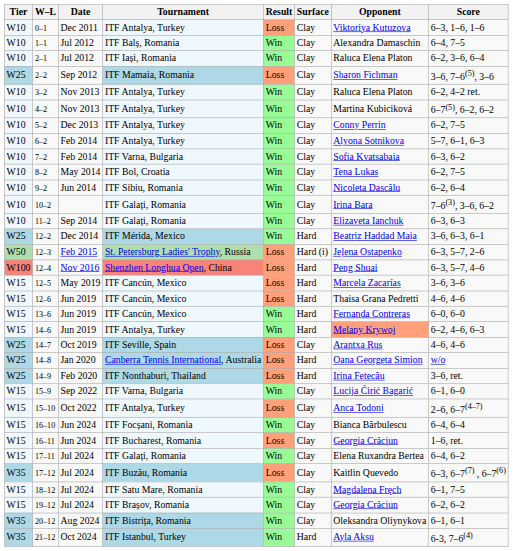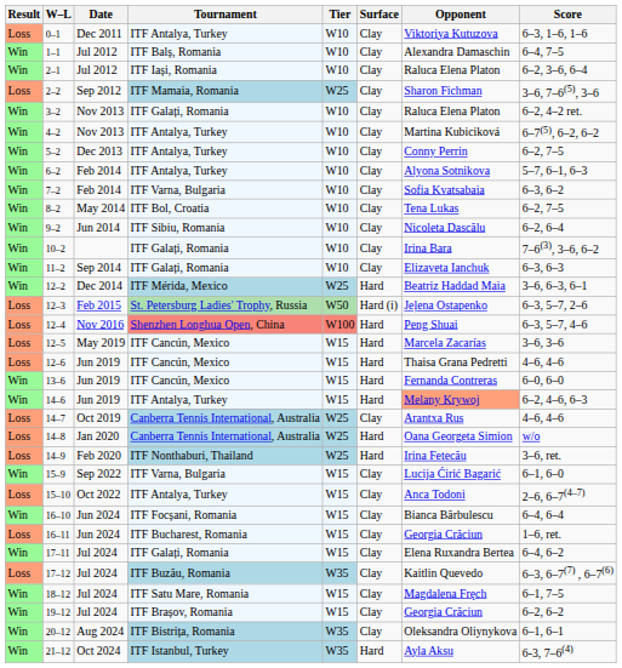 <table class="sortable wikitable">
 <tr>
-<th>Tier</th>
+<th>Result</th>
 <th class="unsortable">W–L</th>
 <th>Date</th>
 <th>Tournament</th>
-<th>Result</th>
+<th>Tier</th>
 <th>Surface</th>
 <th>Opponent</th>
 <th class="unsortable">Score</th>
 </tr>
 <tr>
-<td style="background:#f0f8ff;">W10</td>
+<td style="background:#ffa07a;">Loss</td>
 <td><small>0–1</small></td>
 <td>Dec 2011</td>
 <td style="background:#f0f8ff;">ITF Antalya, Turkey</td>
-<td style="background:#ffa07a;">Loss</td>
+<td style="background:#f0f8ff;">W10</td>
 <td>Clay</td>
 <td> <a href='#'>Viktoriya Kutuzova</a></td>
 <td>6–3, 1–6, 1–6</td>
 </tr>
 <tr>
-<td style="background:#f0f8ff;">W10</td>
+<td style="background:#98fb98;">Win</td>
 <td><small>1–1</small></td>
 <td>Jul 2012</td>
 <td style="background:#f0f8ff;">ITF Balș, Romania</td>
-<td style="background:#98fb98;">Win</td>
+<td style="background:#f0f8ff;">W10</td>
 <td>Clay</td>
 <td> Alexandra Damaschin</td>
 <td>6–4, 7–5</td>
 </tr>
 <tr>
-<td style="background:#f0f8ff;">W10</td>
+<td style="background:#98fb98;">Win</td>
 <td><small>2–1</small></td>
 <td>Jul 2012</td>
 <td style="background:#f0f8ff;">ITF Iași, Romania</td>
-<td style="background:#98fb98;">Win</td>
+<td style="background:#f0f8ff;">W10</td>
 <td>Clay</td>
 <td> Raluca Elena Platon</td>
 <td>6–2, 3–6, 6–4</td>
 </tr>
 <tr>
-<td style="background:lightblue;">W25</td>
+<td style="background:#ffa07a;">Loss</td>
 <td><small>2–2</small></td>
 <td>Sep 2012</td>
 <td style="background:lightblue;">ITF Mamaia, Romania</td>
-<td style="background:#ffa07a;">Loss</td>
+<td style="background:lightblue;">W25</td>
 <td>Clay</td>
 <td> <a href='#'>Sharon Fichman</a></td>
 <td>3–6, 7–6<sup>(5)</sup>, 3–6</td>
 </tr>
 <tr>
-<td style="background:#f0f8ff;">W10</td>
+<td style="background:#98fb98;">Win</td>
 <td><small>3–2</small></td>
 <td>Nov 2013</td>
-<td style="background:#f0f8ff;">ITF Antalya, Turkey</td>
-<td style="background:#98fb98;">Win</td>
+<td style="background:#f0f8ff;">ITF Galați, Romania</td>
+<td style="background:#f0f8ff;">W10</td>
 <td>Clay</td>
 <td> Raluca Elena Platon</td>
 <td>6–2, 4–2 ret.</td>
 </tr>
 <tr>
-<td style="background:#f0f8ff;">W10</td>
+<td style="background:#98fb98;">Win</td>
 <td><small>4–2</small></td>
 <td>Nov 2013</td>
 <td style="background:#f0f8ff;">ITF Antalya, Turkey</td>
-<td style="background:#98fb98;">Win</td>
+<td style="background:#f0f8ff;">W10</td>
 <td>Clay</td>
 <td> Martina Kubiciková</td>
 <td>6–7<sup>(5)</sup>, 6–2, 6–2</td>
 </tr>
 <tr>
-<td style="background:#f0f8ff;">W10</td>
+<td style="background:#98fb98;">Win</td>
 <td><small>5–2</small></td>
 <td>Dec 2013</td>
 <td style="background:#f0f8ff;">ITF Antalya, Turkey</td>
-<td style="background:#98fb98;">Win</td>
+<td style="background:#f0f8ff;">W10</td>
 <td>Clay</td>
 <td> <a href='#'>Conny Perrin</a></td>
 <td>6–2, 7–5</td>
 </tr>
 <tr>
-<td style="background:#f0f8ff;">W10</td>
+<td style="background:#98fb98;">Win</td>
 <td><small>6–2</small></td>
 <td>Feb 2014</td>
 <td style="background:#f0f8ff;">ITF Antalya, Turkey</td>
-<td style="background:#98fb98;">Win</td>
+<td style="background:#f0f8ff;">W10</td>
 <td>Clay</td>
 <td> <a href='#'>Alyona Sotnikova</a></td>
 <td>5–7, 6–1, 6–3</td>
 </tr>
 <tr>
-<td style="background:#f0f8ff;">W10</td>
+<td style="background:#98fb98;">Win</td>
 <td><small>7–2</small></td>
 <td>Feb 2014</td>
 <td style="background:#f0f8ff;">ITF Varna, Bulgaria</td>
-<td style="background:#98fb98;">Win</td>
+<td style="background:#f0f8ff;">W10</td>
 <td>Clay</td>
 <td> <a href='#'>Sofia Kvatsabaia</a></td>
 <td>6–3, 6–2</td>
 </tr>
 <tr>
-<td style="background:#f0f8ff;">W10</td>
+<td style="background:#98fb98;">Win</td>
 <td><small>8–2</small></td>
 <td>May 2014</td>
 <td style="background:#f0f8ff;">ITF Bol, Croatia</td>
-<td style="background:#98fb98;">Win</td>
+<td style="background:#f0f8ff;">W10</td>
 <td>Clay</td>
 <td> <a href='#'>Tena Lukas</a></td>
 <td>6–2, 7–5</td>
 </tr>
 <tr>
-<td style="background:#f0f8ff;">W10</td>
+<td style="background:#98fb98;">Win</td>
 <td><small>9–2</small></td>
 <td>Jun 2014</td>
 <td style="background:#f0f8ff;">ITF Sibiu, Romania</td>
-<td style="background:#98fb98;">Win</td>
+<td style="background:#f0f8ff;">W10</td>
 <td>Clay</td>
 <td> <a href='#'>Nicoleta Dascălu</a></td>
 <td>6–2, 6–4</td>
 </tr>
 <tr>
-<td style="background:#f0f8ff;">W10</td>
+<td style="background:#98fb98;">Win</td>
 <td><small>10–2</small></td>
 <td></td>
 <td style="background:#f0f8ff;">ITF Galați, Romania</td>
-<td style="background:#98fb98;">Win</td>
+<td style="background:#f0f8ff;">W10</td>
 <td>Clay</td>
 <td> <a href='#'>Irina Bara</a></td>
 <td>7–6<sup>(3)</sup>, 3–6, 6–2</td>
 </tr>
 <tr>
-<td style="background:#f0f8ff;">W10</td>
+<td style="background:#98fb98;">Win</td>
 <td><small>11–2</small></td>
 <td>Sep 2014</td>
 <td style="background:#f0f8ff;">ITF Galați, Romania</td>
-<td style="background:#98fb98;">Win</td>
+<td style="background:#f0f8ff;">W10</td>
 <td>Clay</td>
 <td> <a href='#'>Elizaveta Ianchuk</a></td>
 <td>6–3, 6–3</td>
 </tr>
 <tr>
-<td style="background:lightblue;">W25</td>
+<td style="background:#98fb98;">Win</td>
 <td><small>12–2</small></td>
 <td>Dec 2014</td>
 <td style="background:lightblue;">ITF Mérida, Mexico</td>
-<td style="background:#98fb98;">Win</td>
+<td style="background:lightblue;">W25</td>
 <td>Hard</td>
 <td> <a href='#'>Beatriz Haddad Maia</a></td>
 <td>3–6, 6–3, 6–1</td>
 </tr>
 <tr>
-<td style="background:#addfad;">W50</td>
+<td style="background:#ffa07a;">Loss</td>
 <td><small>12–3</small></td>
 <td><a href='#'>Feb 2015</a></td>
 <td style="background:#addfad;"><a href='#'>St. Petersburg Ladies' Trophy</a>, Russia</td>
-<td style="background:#ffa07a;">Loss</td>
+<td style="background:#addfad;">W50</td>
 <td>Hard (i)</td>
 <td> <a href='#'>Jeļena Ostapenko</a></td>
 <td>6–3, 5–7, 2–6</td>
 </tr>
 <tr>
-<td style="background:#F88379">W100</td>
+<td style="background:#ffa07a;">Loss</td>
 <td><small>12–4</small></td>
 <td><a href='#'>Nov 2016</a></td>
 <td style="background:#F88379"><a href='#'>Shenzhen Longhua Open</a>, China</td>
-<td style="background:#ffa07a;">Loss</td>
+<td style="background:#F88379">W100</td>
 <td>Hard</td>
 <td> <a href='#'>Peng Shuai</a></td>
 <td>6–3, 5–7, 4–6</td>
 </tr>
 <tr>
-<td style="background:#f0f8ff;">W15</td>
+<td style="background:#ffa07a;">Loss</td>
 <td><small>12–5</small></td>
 <td>May 2019</td>
 <td style="background:#f0f8ff;">ITF Cancún, Mexico</td>
-<td style="background:#ffa07a;">Loss</td>
+<td style="background:#f0f8ff;">W15</td>
 <td>Hard</td>
 <td> <a href='#'>Marcela Zacarías</a></td>
 <td>3–6, 3–6</td>
 </tr>
 <tr>
-<td style="background:#f0f8ff;">W15</td>
+<td style="background:#ffa07a;">Loss</td>
 <td><small>12–6</small></td>
 <td>Jun 2019</td>
 <td style="background:#f0f8ff;">ITF Cancún, Mexico</td>
-<td style="background:#ffa07a;">Loss</td>
+<td style="background:#f0f8ff;">W15</td>
 <td>Hard</td>
 <td> Thaisa Grana Pedretti</td>
 <td>4–6, 4–6</td>
 </tr>
 <tr>
-<td style="background:#f0f8ff;">W15</td>
+<td style="background:#98fb98;">Win</td>
 <td><small>13–6</small></td>
 <td>Jun 2019</td>
 <td style="background:#f0f8ff;">ITF Cancún, Mexico</td>
-<td style="background:#98fb98;">Win</td>
+<td style="background:#f0f8ff;">W15</td>
 <td>Hard</td>
 <td> <a href='#'>Fernanda Contreras</a></td>
 <td>6–0, 6–0</td>
 </tr>
 <tr>
-<td style="background:#f0f8ff;">W15</td>
+<td style="background:#98fb98;">Win</td>
 <td><small>14–6</small></td>
 <td>Jun 2019</td>
 <td style="background:#f0f8ff;">ITF Antalya, Turkey</td>
-<td style="background:#98fb98;">Win</td>
+<td style="background:#f0f8ff;">W15</td>
 <td>Hard</td>
 <td style="background: lightsalmon;"> <a href='#'>Melany Krywoj</a></td>
 <td>6–2, 4–6, 6–3</td>
 </tr>
 <tr>
-<td style="background:lightblue;">W25</td>
+<td style="background:#ffa07a;">Loss</td>
 <td><small>14–7</small></td>
 <td>Oct 2019</td>
-<td style="background:lightblue;">ITF Seville, Spain</td>
-<td style="background:#ffa07a;">Loss</td>
+<td style="background:lightblue;"><a href='#'>Canberra Tennis International</a>, Australia</td>
+<td style="background:lightblue;">W25</td>
 <td>Clay</td>
 <td> <a href='#'>Arantxa Rus</a></td>
 <td>4–6, 4–6</td>
 </tr>
 <tr>
-<td style="background:lightblue;">W25</td>
+<td style="background:#ffa07a;">Loss</td>
 <td><small>14–8</small></td>
 <td>Jan 2020</td>
 <td style="background:lightblue;"><a href='#'>Canberra Tennis International</a>, Australia</td>
-<td style="background:#ffa07a;">Loss</td>
+<td style="background:lightblue;">W25</td>
 <td>Hard</td>
 <td> <a href='#'>Oana Georgeta Simion</a></td>
 <td><a href='#'>w/o</a></td>
 </tr>
 <tr>
-<td style="background:lightblue;">W25</td>
+<td style="background:#ffa07a;">Loss</td>
 <td><small>14–9</small></td>
 <td>Feb 2020</td>
 <td style="background:lightblue;">ITF Nonthaburi, Thailand</td>
-<td style="background:#ffa07a;">Loss</td>
+<td style="background:lightblue;">W25</td>
 <td>Hard</td>
 <td> <a href='#'>Irina Fetecău</a></td>
 <td>3–6, ret.</td>
 </tr>
 <tr>
-<td style="background:#f0f8ff;">W15</td>
+<td style="background:#98fb98;">Win</td>
 <td><small>15–9</small></td>
 <td>Sep 2022</td>
 <td style="background:#f0f8ff;">ITF Varna, Bulgaria</td>
-<td style="background:#98fb98;">Win</td>
+<td style="background:#f0f8ff;">W15</td>
 <td>Clay</td>
 <td> <a href='#'>Lucija Ćirić Bagarić</a></td>
 <td>6–1, 6–0</td>
 </tr>
 <tr>
-<td style="background:#f0f8ff;">W15</td>
+<td style="background:#ffa07a;">Loss</td>
 <td><small>15–10</small></td>
 <td>Oct 2022</td>
 <td style="background:#f0f8ff;">ITF Antalya, Turkey</td>
-<td style="background:#ffa07a;">Loss</td>
+<td style="background:#f0f8ff;">W15</td>
 <td>Clay</td>
 <td> <a href='#'>Anca Todoni</a></td>
 <td>2–6, 6–7<sup>(4–7)</sup></td>
 </tr>
 <tr>
-<td style="background:#f0f8ff;">W15</td>
+<td style="background:#98fb98;">Win</td>
 <td><small>16–10</small></td>
 <td>Jun 2024</td>
 <td style="background:#f0f8ff;">ITF Focșani, Romania</td>
-<td style="background:#98fb98;">Win</td>
+<td style="background:#f0f8ff;">W15</td>
 <td>Clay</td>
 <td> Bianca Bărbulescu</td>
 <td>6–4, 6–4</td>
 </tr>
 <tr>
-<td style="background:#f0f8ff;">W15</td>
+<td style="background:#ffa07a;">Loss</td>
 <td><small>16–11</small></td>
 <td>Jun 2024</td>
 <td style="background:#f0f8ff;">ITF Bucharest, Romania</td>
-<td style="background:#ffa07a;">Loss</td>
+<td style="background:#f0f8ff;">W15</td>
 <td>Clay</td>
 <td> <a href='#'>Georgia Crăciun</a></td>
 <td>1–6, ret.</td>
 </tr>
 <tr>
-<td style="background:#f0f8ff;">W15</td>
+<td style="background:#98fb98;">Win</td>
 <td><small>17–11</small></td>
 <td>Jul 2024</td>
 <td style="background:#f0f8ff;">ITF Galați, Romania</td>
-<td style="background:#98fb98;">Win</td>
+<td style="background:#f0f8ff;">W15</td>
 <td>Clay</td>
 <td> Elena Ruxandra Bertea</td>
 <td>6–4, 6–2</td>
 </tr>
 <tr>
-<td style="background:lightblue;">W35</td>
+<td style="background:#ffa07a;">Loss</td>
 <td><small>17–12</small></td>
 <td>Jul 2024</td>
 <td style="background:lightblue;">ITF Buzău, Romania</td>
-<td style="background:#ffa07a;">Loss</td>
+<td style="background:lightblue;">W35</td>
 <td>Clay</td>
 <td> Kaitlin Quevedo</td>
 <td>6–3, 6–7<sup>(7)</sup> , 6–7<sup>(6)</sup></td>
 </tr>
 <tr>
-<td style="background:#f0f8ff;">W15</td>
+<td style="background:#98fb98;">Win</td>
 <td><small>18–12</small></td>
 <td>Jul 2024</td>
 <td style="background:#f0f8ff;">ITF Satu Mare, Romania</td>
-<td style="background:#98fb98;">Win</td>
+<td style="background:#f0f8ff;">W15</td>
 <td>Clay</td>
 <td> <a href='#'>Magdalena Fręch</a></td>
 <td>6–1, 7–5</td>
 </tr>
 <tr>
-<td style="background:#f0f8ff;">W15</td>
+<td style="background:#98fb98;">Win</td>
 <td><small>19–12</small></td>
 <td>Jul 2024</td>
 <td style="background:#f0f8ff;">ITF Brașov, Romania</td>
-<td style="background:#98fb98;">Win</td>
+<td style="background:#f0f8ff;">W15</td>
 <td>Clay</td>
 <td> <a href='#'>Georgia Crăciun</a></td>
 <td>6–2, 6–2</td>
 </tr>
 <tr>
-<td style="background:lightblue;">W35</td>
+<td style="background:#98fb98;">Win</td>
 <td><small>20–12</small></td>
 <td>Aug 2024</td>
 <td style="background:lightblue;">ITF Bistrița, Romania</td>
-<td style="background:#98fb98;">Win</td>
+<td style="background:lightblue;">W35</td>
 <td>Clay</td>
 <td> Oleksandra Oliynykova</td>
 <td>6–1, 6–1</td>
 </tr>
 <tr>
-<td style="background:lightblue;">W35</td>
+<td style="background:#98fb98;">Win</td>
 <td><small>21–12</small></td>
 <td>Oct 2024</td>
 <td style="background:lightblue;">ITF Istanbul, Turkey</td>
-<td style="background:#98fb98;">Win</td>
+<td style="background:lightblue;">W35</td>
 <td>Hard</td>
 <td> <a href='#'>Ayla Aksu</a></td>
 <td>6-3, 7–6<sup>(4)</sup></td>
 </tr>
 </table>
